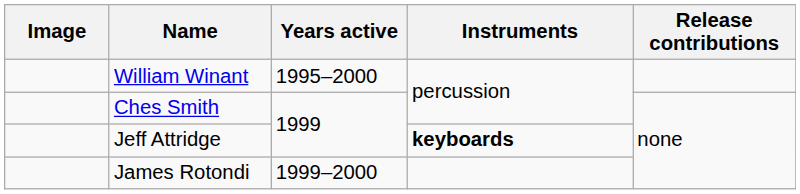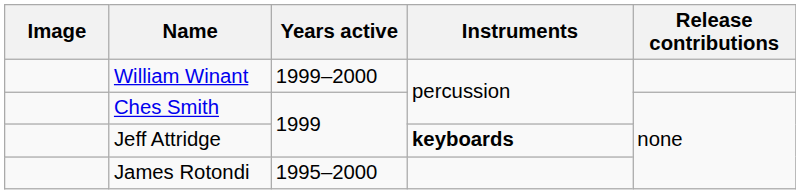 <table class="wikitable" width="100%" border="1">
 <tr>
 <th width="75">Image</th>
 <th width="120">Name</th>
 <th width="100">Years active</th>
 <th width="170">Instruments</th>
 <th>Release contributions</th>
 </tr>
 <tr>
 <td></td>
 <td><a href='#'>William Winant</a></td>
-<td>1995–2000</td>
+<td>1999–2000</td>
 <td rowspan="2">percussion</td>
 <td></td>
 </tr>
 <tr>
 <td></td>
 <td><a href='#'>Ches Smith</a></td>
 <td rowspan="2">1999</td>
 <td rowspan="3">none</td>
 </tr>
 <tr>
 <td></td>
 <td>Jeff Attridge</td>
 <td><strong>keyboards</strong></td>
 </tr>
 <tr>
 <td></td>
 <td>James Rotondi</td>
-<td>1999–2000</td>
+<td>1995–2000</td>
 <td></td>
 </tr>
 </table>
